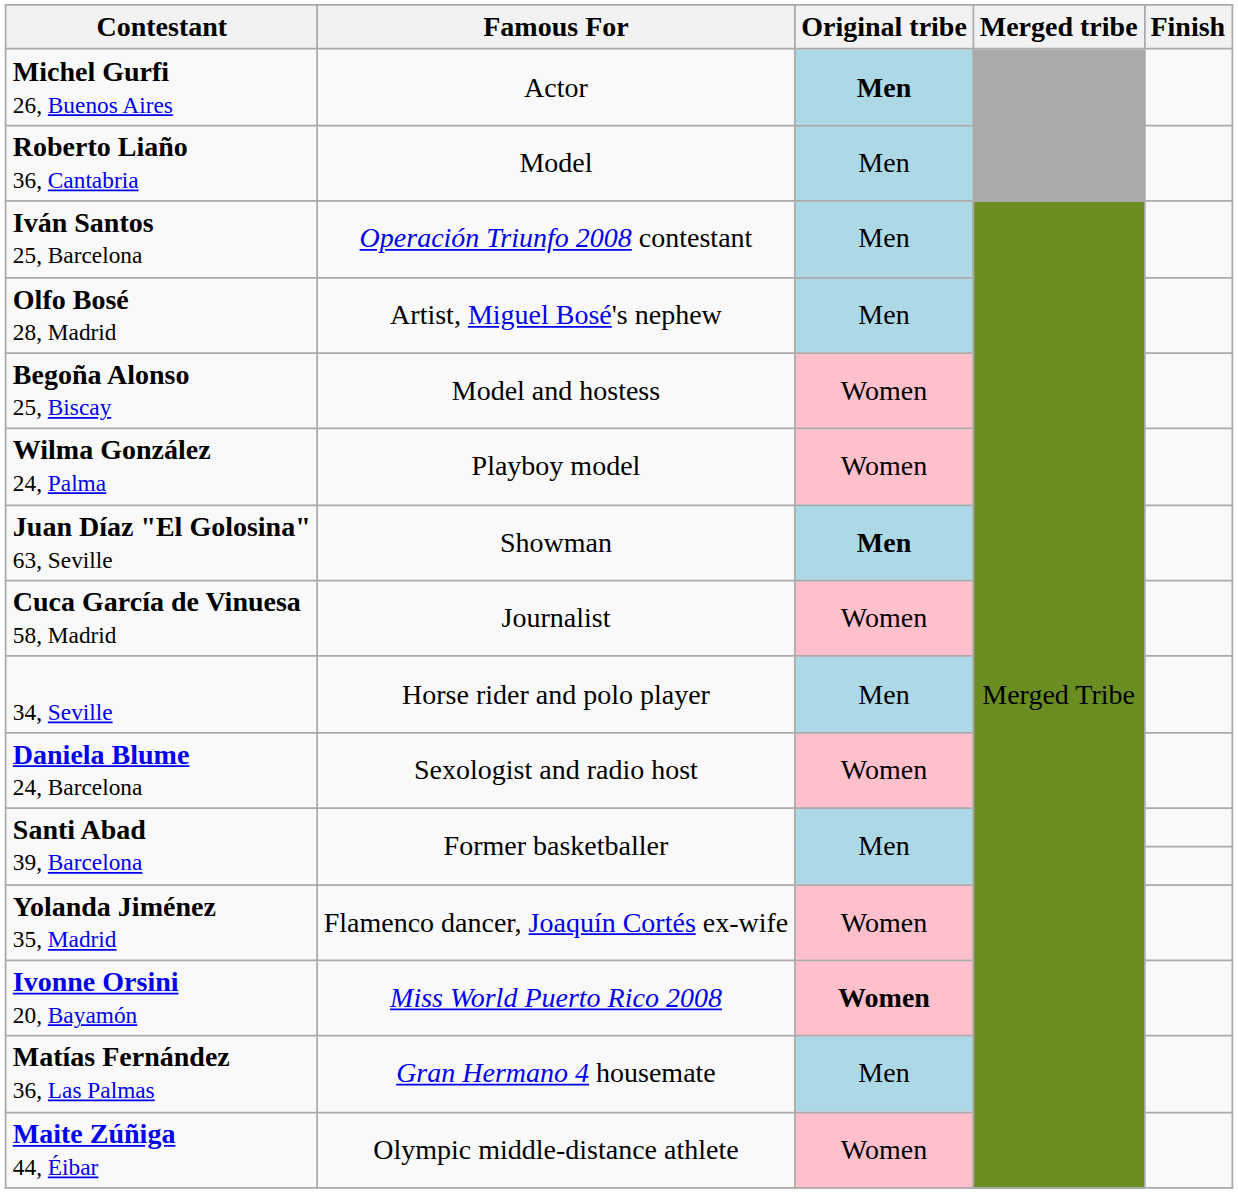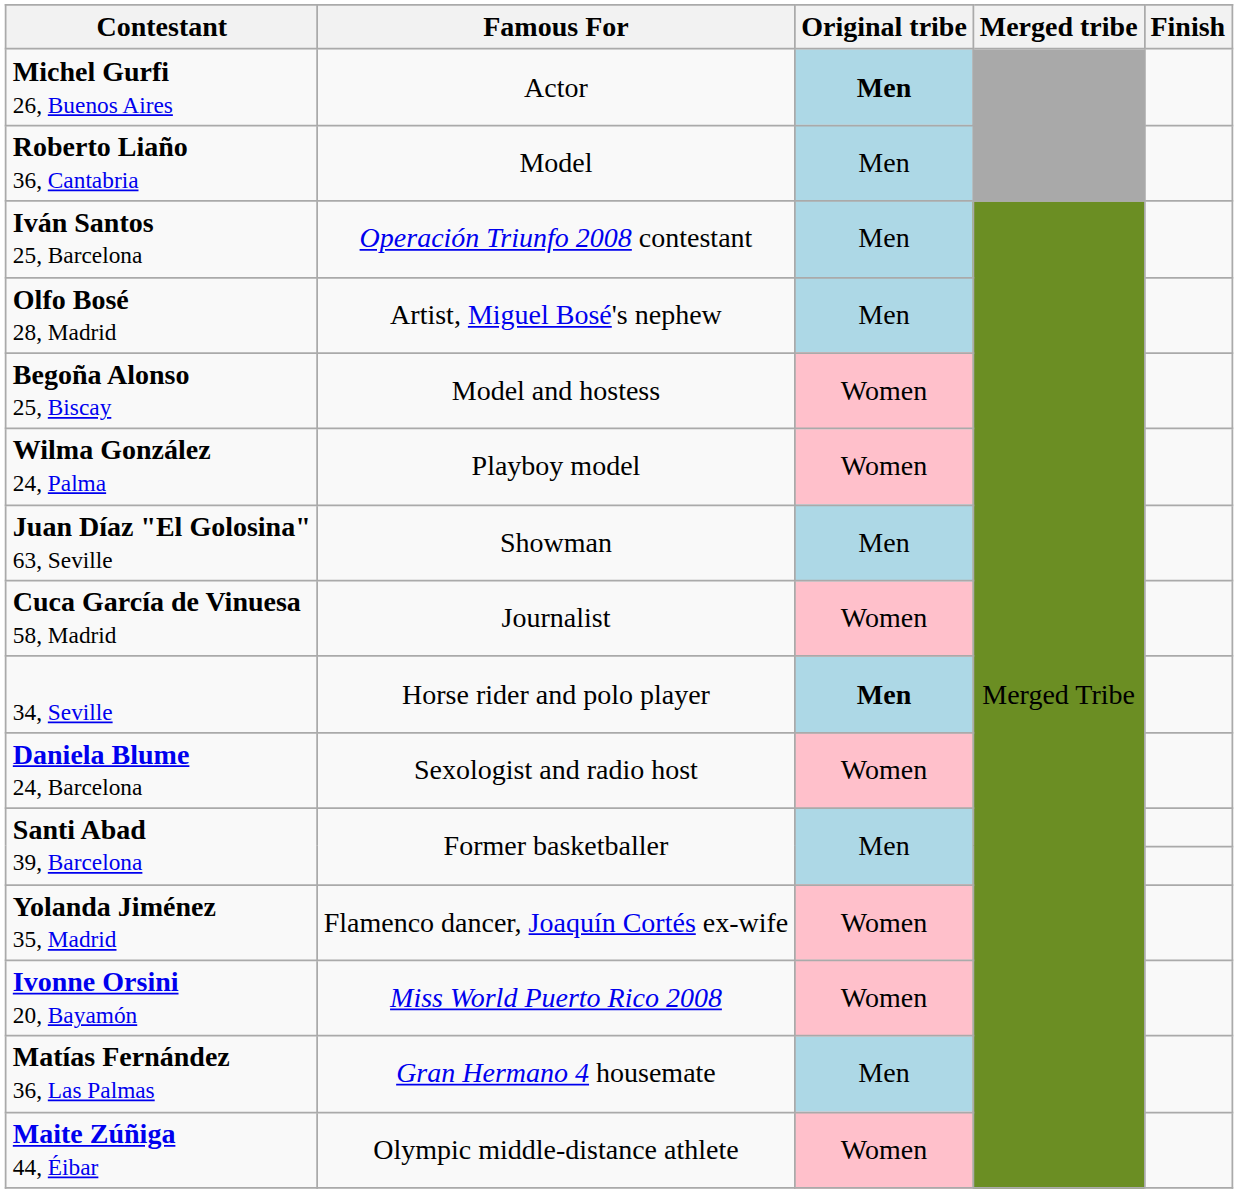 <table class="wikitable" style="margin:auto; text-align:center">
 <tr>
 <th>Contestant</th>
 <th>Famous For</th>
 <th>Original tribe</th>
 <th>Merged tribe</th>
 <th>Finish</th>
 </tr>
 <tr>
 <td align="left"><strong>Michel Gurfi</strong><br><small>26, <a href='#'>Buenos Aires</a></small></td>
 <td>Actor</td>
 <td bgcolor="lightblue"><strong>Men</strong></td>
 <td bgcolor="darkgray" rowspan="2"></td>
 <td></td>
 </tr>
 <tr>
 <td align="left"><strong>Roberto Liaño</strong><br><small>36, <a href='#'>Cantabria</a></small></td>
 <td>Model</td>
 <td bgcolor="lightblue">Men</td>
 <td></td>
 </tr>
 <tr>
 <td align="left"><strong>Iván Santos</strong><br><small>25, Barcelona</small></td>
 <td><em><a href='#'>Operación Triunfo 2008</a></em> contestant</td>
 <td bgcolor="lightblue">Men</td>
 <td rowspan=14 bgcolor="#6B8E23"><span>Merged Tribe</span></td>
 <td></td>
 </tr>
 <tr>
 <td align="left"><strong>Olfo Bosé</strong><br><small>28, Madrid</small></td>
 <td>Artist, <a href='#'>Miguel Bosé</a>'s nephew</td>
 <td bgcolor="lightblue">Men</td>
 <td></td>
 </tr>
 <tr>
 <td align="left"><strong>Begoña Alonso</strong><br><small>25, <a href='#'>Biscay</a></small></td>
 <td>Model and hostess</td>
 <td bgcolor="pink">Women</td>
 <td></td>
 </tr>
 <tr>
 <td align="left"><strong>Wilma González</strong><br><small>24, <a href='#'>Palma</a></small></td>
 <td>Playboy model</td>
 <td bgcolor="pink">Women</td>
 <td></td>
 </tr>
 <tr>
 <td align="left"><strong>Juan Díaz "El Golosina"</strong><br><small>63, Seville</small></td>
 <td>Showman</td>
-<td bgcolor="lightblue"><strong>Men</strong></td>
+<td bgcolor="lightblue">Men</td>
 <td></td>
 </tr>
 <tr>
 <td align="left"><strong>Cuca García de Vinuesa</strong><br><small>58, Madrid</small></td>
 <td>Journalist</td>
 <td bgcolor="pink">Women</td>
 <td></td>
 </tr>
 <tr>
 <td align="left"><strong></strong><br><small>34, <a href='#'>Seville</a></small></td>
 <td>Horse rider and polo player</td>
-<td bgcolor="lightblue">Men</td>
+<td bgcolor="lightblue"><strong>Men</strong></td>
 <td></td>
 </tr>
 <tr>
 <td align="left"><strong><a href='#'>Daniela Blume</a></strong><br><small>24, Barcelona</small></td>
 <td>Sexologist and radio host</td>
 <td bgcolor="pink">Women</td>
 <td></td>
 </tr>
 <tr>
 <td rowspan=2 align="left"><strong>Santi Abad</strong><br><small>39, <a href='#'>Barcelona</a></small></td>
 <td rowspan=2>Former basketballer</td>
 <td rowspan=2 bgcolor="lightblue">Men</td>
 <td></td>
 </tr>
 <tr>
 <td></td>
 </tr>
 <tr>
 <td align="left"><strong>Yolanda Jiménez</strong><br><small>35, <a href='#'>Madrid</a></small></td>
 <td>Flamenco dancer, <a href='#'>Joaquín Cortés</a> ex-wife</td>
 <td bgcolor="pink">Women</td>
 <td></td>
 </tr>
 <tr>
 <td align="left"><strong><a href='#'>Ivonne Orsini</a></strong><br><small>20, <a href='#'>Bayamón</a></small></td>
 <td><em><a href='#'>Miss World Puerto Rico 2008</a></em></td>
-<td bgcolor="pink"><strong>Women</strong></td>
+<td bgcolor="pink">Women</td>
 <td></td>
 </tr>
 <tr>
 <td align="left"><strong>Matías Fernández</strong><br><small>36, <a href='#'>Las Palmas</a></small></td>
 <td><em><a href='#'>Gran Hermano 4</a></em> housemate</td>
 <td bgcolor="lightblue">Men</td>
 <td></td>
 </tr>
 <tr>
 <td align="left"><strong><a href='#'>Maite Zúñiga</a></strong><br><small>44, <a href='#'>Éibar</a></small></td>
 <td>Olympic middle-distance athlete</td>
 <td bgcolor="pink">Women</td>
 <td></td>
 </tr>
 </table>
